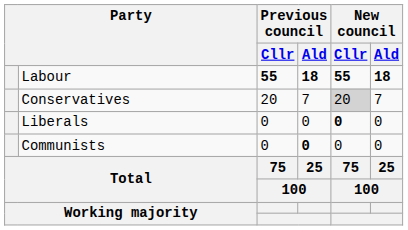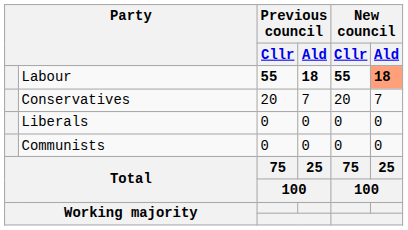 <table class="wikitable">
 <tr>
 <th valign=top colspan="2" rowspan="2" style="width: 230px">Party</th>
 <th valign=top colspan="2" style="width: 30px">Previous council</th>
 <th valign=top colspan="2" style="width: 30px">New council</th>
 </tr>
 <tr>
 <th><a href='#'>Cllr</a></th>
 <th><a href='#'>Ald</a></th>
 <th><a href='#'>Cllr</a></th>
 <th><a href='#'>Ald</a></th>
 </tr>
 <tr>
 <th style="background-color: "></th>
 <td>Labour</td>
 <td><strong>55</strong></td>
 <td><strong>18</strong></td>
 <td><strong>55</strong></td>
-<td><strong>18</strong></td>
+<td style="background: lightsalmon;"><strong>18</strong></td>
 </tr>
 <tr>
 <th style="background-color: "></th>
 <td>Conservatives</td>
 <td>20</td>
 <td>7</td>
-<td style="background: lightgrey;">20</td>
+<td>20</td>
 <td>7</td>
 </tr>
 <tr>
 <th style="background-color: "></th>
 <td>Liberals</td>
 <td>0</td>
 <td>0</td>
-<td><strong>0</strong></td>
+<td>0</td>
 <td>0</td>
 </tr>
 <tr>
 <th style="background-color: "></th>
 <td>Communists</td>
 <td>0</td>
-<td><strong>0</strong></td>
+<td>0</td>
 <td>0</td>
 <td>0</td>
 </tr>
 <tr>
 <th colspan="2" rowspan="2">Total</th>
 <th style="text-align: center">75</th>
 <th style="text-align: center">25</th>
 <th style="text-align: center">75</th>
 <th style="text-align: center">25</th>
 </tr>
 <tr>
 <th colspan="2" style="text-align: center">100</th>
 <th colspan="2" style="text-align: center">100</th>
 </tr>
 <tr>
 <th colspan="2" rowspan="2">Working majority</th>
 <th></th>
 <th></th>
 <th></th>
 <th></th>
 </tr>
 <tr>
 <th colspan="2"></th>
 <th colspan="2"></th>
 </tr>
 </table>
